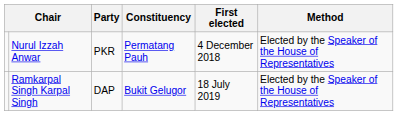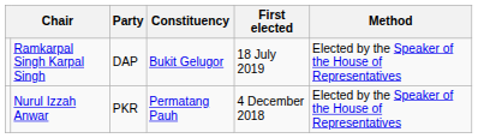 <table class="wikitable">
 <tr>
 <th colspan="2">Chair</th>
 <th>Party</th>
 <th>Constituency</th>
 <th>First elected</th>
 <th>Method</th>
 </tr>
 <tr>
 <td style="background-color: "></td>
+<td><a href='#'>Ramkarpal Singh Karpal Singh</a></td>
+<td>DAP</td>
+<td><a href='#'>Bukit Gelugor</a></td>
+<td>18 July 2019</td>
+<td>Elected by the <a href='#'>Speaker of the House of Representatives</a></td>
+</tr>
+<tr>
+<td style="background-color: "></td>
 <td><a href='#'>Nurul Izzah Anwar</a></td>
 <td>PKR</td>
 <td><a href='#'>Permatang Pauh</a></td>
 <td>4 December 2018</td>
 <td>Elected by the <a href='#'>Speaker of the House of Representatives</a></td>
 </tr>
-<tr>
-<td style="background-color: "></td>
-<td><a href='#'>Ramkarpal Singh Karpal Singh</a></td>
-<td>DAP</td>
-<td><a href='#'>Bukit Gelugor</a></td>
-<td>18 July 2019</td>
-<td>Elected by the <a href='#'>Speaker of the House of Representatives</a></td>
-</tr>
 </table>
